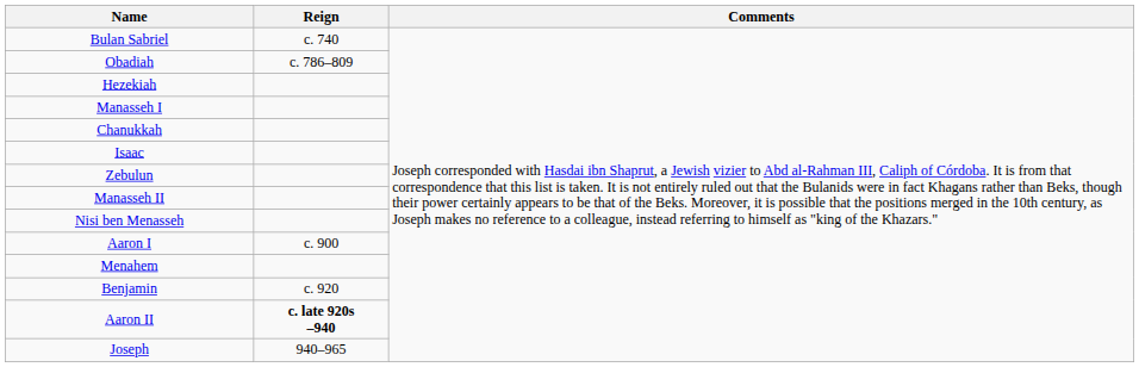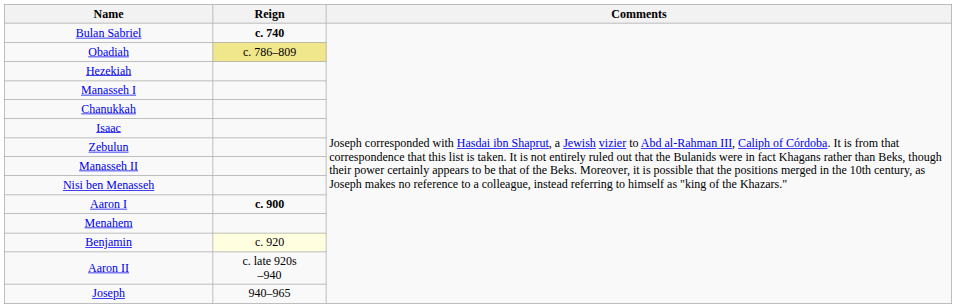 <table style="width:100%;" class="wikitable">
 <tr>
 <th style="width:22%;">Name</th>
 <th style="width:12%;">Reign</th>
 <th>Comments</th>
 </tr>
 <tr>
 <td align=center><a href='#'>Bulan Sabriel</a></td>
-<td style="text-align:center;">c. 740</td>
+<td style="text-align:center;"><strong>c. 740</strong></td>
 <td rowspan=14 align="left">Joseph corresponded with <a href='#'>Hasdai ibn Shaprut</a>, a <a href='#'>Jewish</a> <a href='#'>vizier</a> to <a href='#'>Abd al-Rahman III</a>, <a href='#'>Caliph of Córdoba</a>. It is from that correspondence that this list is taken. It is not entirely ruled out that the Bulanids were in fact Khagans rather than Beks, though their power certainly appears to be that of the Beks. Moreover, it is possible that the positions merged in the 10th century, as Joseph makes no reference to a colleague, instead referring to himself as "king of the Khazars."</td>
 </tr>
 <tr>
 <td align=center><a href='#'>Obadiah</a></td>
-<td style="text-align:center;">c. 786–809</td>
+<td style="background: khaki; text-align:center;">c. 786–809</td>
 </tr>
 <tr>
 <td align=center><a href='#'>Hezekiah</a></td>
 <td style="text-align:center;"></td>
 </tr>
 <tr>
 <td align=center><a href='#'>Manasseh I</a></td>
 <td style="text-align:center;"></td>
 </tr>
 <tr>
 <td align=center><a href='#'>Chanukkah</a></td>
 <td style="text-align:center;"></td>
 </tr>
 <tr>
 <td align=center><a href='#'>Isaac</a></td>
 <td style="text-align:center;"></td>
 </tr>
 <tr>
 <td align=center><a href='#'>Zebulun</a></td>
 <td style="text-align:center;"></td>
 </tr>
 <tr>
 <td align=center><a href='#'>Manasseh II</a></td>
 <td style="text-align:center;"></td>
 </tr>
 <tr>
 <td align=center><a href='#'>Nisi ben Menasseh</a></td>
 <td style="text-align:center;"></td>
 </tr>
 <tr>
 <td align=center><a href='#'>Aaron I</a></td>
-<td style="text-align:center;">c. 900</td>
+<td style="text-align:center;"><strong>c. 900</strong></td>
 </tr>
 <tr>
 <td align=center><a href='#'>Menahem</a></td>
 <td style="text-align:center;"></td>
 </tr>
 <tr>
 <td align=center><a href='#'>Benjamin</a></td>
-<td style="text-align:center;">c. 920</td>
+<td style="background: lightyellow; text-align:center;">c. 920</td>
 </tr>
 <tr>
 <td align=center><a href='#'>Aaron II</a></td>
-<td style="text-align:center;"><strong>c. late 920s<br>–940</strong></td>
+<td style="text-align:center;">c. late 920s<br>–940</td>
 </tr>
 <tr>
 <td align=center><a href='#'>Joseph</a></td>
 <td style="text-align:center;">940–965</td>
 </tr>
 </table>
